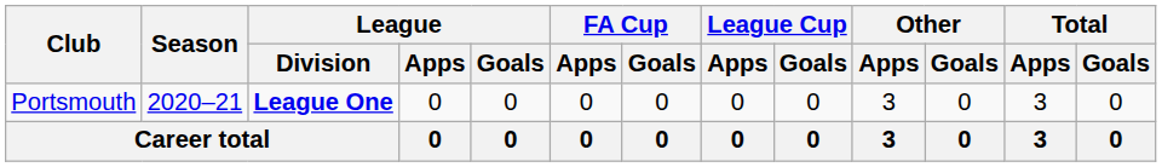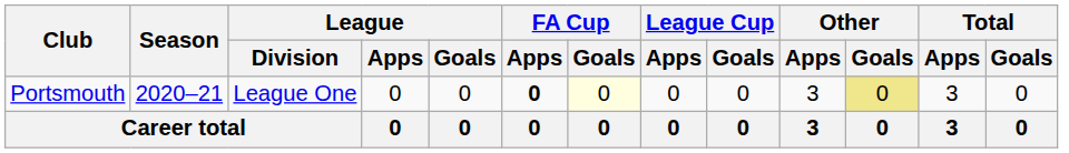 <table class="wikitable" style="text-align: center;">
 <tr>
 <th rowspan="2">Club</th>
 <th rowspan="2">Season</th>
 <th colspan="3">League</th>
 <th colspan="2"><a href='#'>FA Cup</a></th>
 <th colspan="2"><a href='#'>League Cup</a></th>
 <th colspan="2">Other</th>
 <th colspan="2">Total</th>
 </tr>
 <tr>
 <th>Division</th>
 <th>Apps</th>
 <th>Goals</th>
 <th>Apps</th>
 <th>Goals</th>
 <th>Apps</th>
 <th>Goals</th>
 <th>Apps</th>
 <th>Goals</th>
 <th>Apps</th>
 <th>Goals</th>
 </tr>
 <tr>
 <td rowspan="1" valign="center"><a href='#'>Portsmouth</a></td>
 <td><a href='#'>2020–21</a></td>
-<td rowspan="1"><strong><a href='#'>League One</a></strong></td>
+<td rowspan="1"><a href='#'>League One</a></td>
 <td>0</td>
 <td>0</td>
-<td>0</td>
-<td>0</td>
+<td><strong>0</strong></td>
+<td style="background: lightyellow;">0</td>
 <td>0</td>
 <td>0</td>
 <td>3</td>
-<td>0</td>
+<td style="background: khaki;">0</td>
 <td>3</td>
 <td>0</td>
 </tr>
 <tr>
 <th colspan="3">Career total</th>
 <th>0</th>
 <th>0</th>
 <th>0</th>
 <th>0</th>
 <th>0</th>
 <th>0</th>
 <th>3</th>
 <th>0</th>
 <th>3</th>
 <th>0</th>
 </tr>
 </table>
